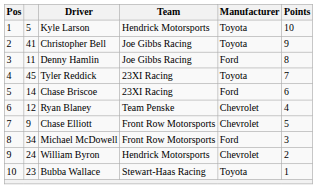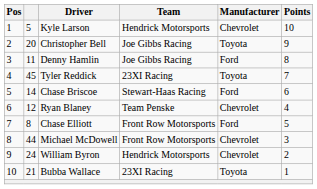 <table class="wikitable" style="font-size:98%">
 <tr>
 <th>Pos</th>
 <th></th>
 <th>Driver</th>
 <th>Team</th>
 <th>Manufacturer</th>
 <th>Points</th>
 </tr>
 <tr>
 <td>1</td>
 <td>5</td>
 <td>Kyle Larson</td>
 <td>Hendrick Motorsports</td>
-<td>Toyota</td>
+<td>Chevrolet</td>
 <td>10</td>
 </tr>
 <tr>
 <td>2</td>
-<td>41</td>
+<td>20</td>
 <td>Christopher Bell</td>
 <td>Joe Gibbs Racing</td>
 <td>Toyota</td>
 <td>9</td>
 </tr>
 <tr>
 <td>3</td>
 <td>11</td>
 <td>Denny Hamlin</td>
 <td>Joe Gibbs Racing</td>
 <td>Ford</td>
 <td>8</td>
 </tr>
 <tr>
 <td>4</td>
 <td>45</td>
 <td>Tyler Reddick</td>
 <td>23XI Racing</td>
 <td>Toyota</td>
 <td>7</td>
 </tr>
 <tr>
 <td>5</td>
 <td>14</td>
 <td>Chase Briscoe</td>
-<td>23XI Racing</td>
+<td>Stewart-Haas Racing</td>
 <td>Ford</td>
 <td>6</td>
 </tr>
 <tr>
 <td>6</td>
 <td>12</td>
 <td>Ryan Blaney</td>
 <td>Team Penske</td>
 <td>Chevrolet</td>
 <td>4</td>
 </tr>
 <tr>
 <td>7</td>
-<td>9</td>
+<td>8</td>
 <td>Chase Elliott</td>
 <td>Front Row Motorsports</td>
-<td>Chevrolet</td>
+<td>Ford</td>
 <td>5</td>
 </tr>
 <tr>
 <td>8</td>
-<td>34</td>
+<td>44</td>
 <td>Michael McDowell</td>
 <td>Front Row Motorsports</td>
-<td>Ford</td>
+<td>Chevrolet</td>
 <td>3</td>
 </tr>
 <tr>
 <td>9</td>
 <td>24</td>
 <td>William Byron</td>
 <td>Hendrick Motorsports</td>
 <td>Chevrolet</td>
 <td>2</td>
 </tr>
 <tr>
 <td>10</td>
-<td>23</td>
+<td>21</td>
 <td>Bubba Wallace</td>
-<td>Stewart-Haas Racing</td>
+<td>23XI Racing</td>
 <td>Toyota</td>
 <td>1</td>
 </tr>
 <tr>
 <th colspan="6"></th>
 </tr>
 </table>
